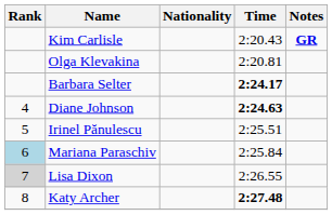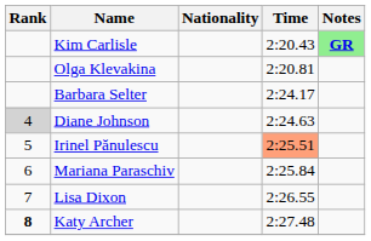 <table class="wikitable sortable" style="text-align:center">
 <tr>
 <th>Rank</th>
 <th>Name</th>
 <th>Nationality</th>
 <th>Time</th>
 <th>Notes</th>
 </tr>
 <tr>
 <td></td>
 <td align="left"><a href='#'>Kim Carlisle</a></td>
 <td align="left"></td>
 <td>2:20.43</td>
-<td><strong><a href='#'>GR</a></strong></td>
+<td style="background: lightgreen;"><strong><a href='#'>GR</a></strong></td>
 </tr>
 <tr>
 <td></td>
 <td align="left"><a href='#'>Olga Klevakina</a></td>
 <td align="left"></td>
 <td>2:20.81</td>
 <td></td>
 </tr>
 <tr>
 <td></td>
 <td align="left"><a href='#'>Barbara Selter</a></td>
 <td align="left"></td>
-<td><strong>2:24.17</strong></td>
+<td>2:24.17</td>
 <td></td>
 </tr>
 <tr>
-<td>4</td>
+<td style="background: lightgrey;">4</td>
 <td align="left"><a href='#'>Diane Johnson</a></td>
 <td align="left"></td>
-<td><strong>2:24.63</strong></td>
+<td>2:24.63</td>
 <td></td>
 </tr>
 <tr>
 <td>5</td>
 <td align="left"><a href='#'>Irinel Pănulescu</a></td>
 <td align="left"></td>
-<td>2:25.51</td>
+<td style="background: lightsalmon;">2:25.51</td>
 <td></td>
 </tr>
 <tr>
-<td style="background: lightblue;">6</td>
+<td>6</td>
 <td align="left"><a href='#'>Mariana Paraschiv</a></td>
 <td align="left"></td>
 <td>2:25.84</td>
 <td></td>
 </tr>
 <tr>
-<td style="background: lightgrey;">7</td>
+<td>7</td>
 <td align="left"><a href='#'>Lisa Dixon</a></td>
 <td align="left"></td>
 <td>2:26.55</td>
 <td></td>
 </tr>
 <tr>
-<td>8</td>
+<td><strong>8</strong></td>
 <td align="left"><a href='#'>Katy Archer</a></td>
 <td align="left"></td>
-<td><strong>2:27.48</strong></td>
+<td>2:27.48</td>
 <td></td>
 </tr>
 <tr>
 </tr>
 </table>
